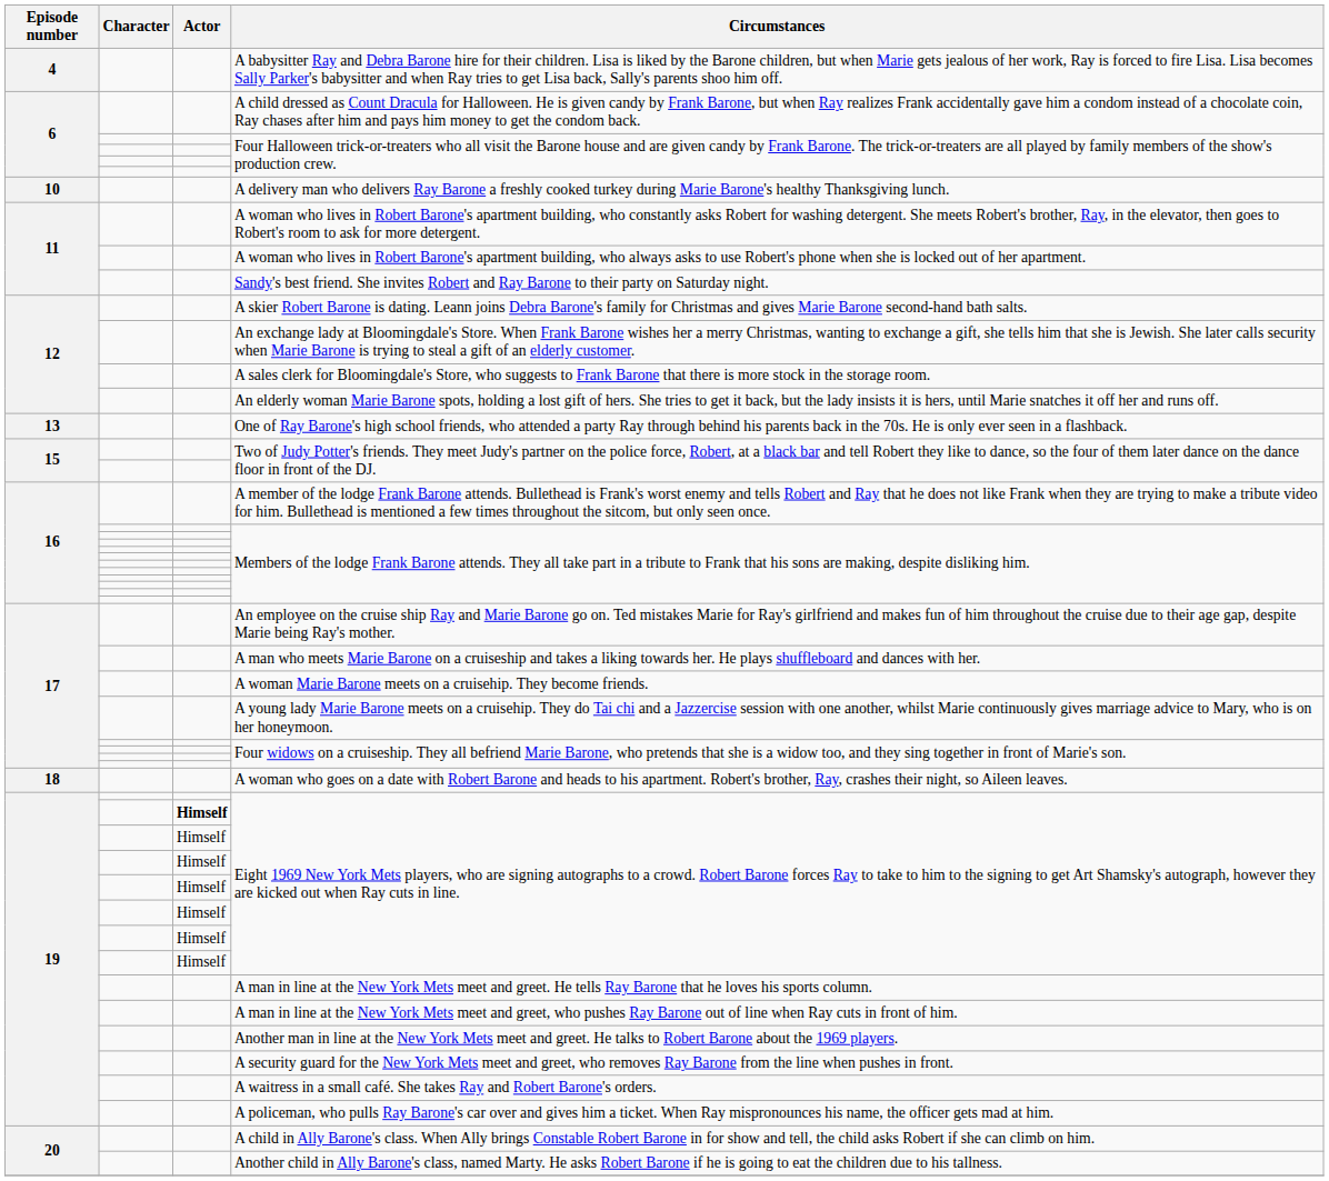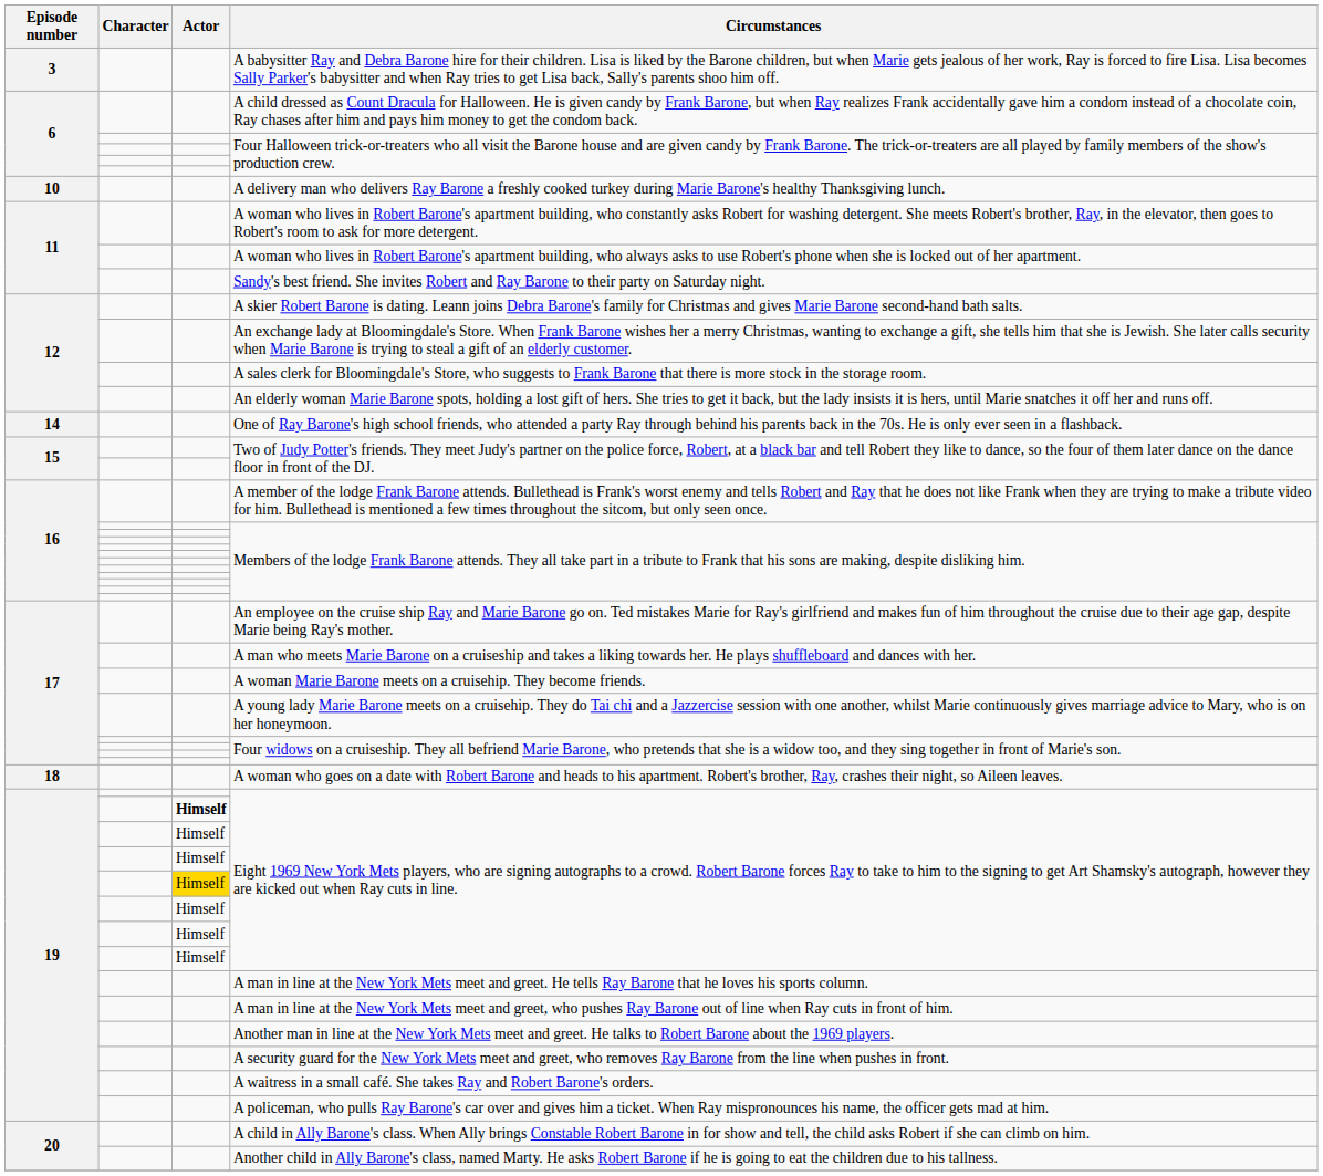 <table class="wikitable plainrowheaders" style="font-size:90%">
 <tr>
 <th scope="col">Episode number</th>
 <th scope="col">Character</th>
 <th scope="col">Actor</th>
 <th scope="col">Circumstances</th>
 </tr>
 <tr>
-<th scope="row">4</th>
+<th scope="row">3</th>
 <td></td>
 <td></td>
 <td>A babysitter <a href='#'>Ray</a> and <a href='#'>Debra Barone</a> hire for their children. Lisa is liked by the Barone children, but when <a href='#'>Marie</a> gets jealous of her work, Ray is forced to fire Lisa. Lisa becomes <a href='#'>Sally Parker</a>'s babysitter and when Ray tries to get Lisa back, Sally's parents shoo him off.</td>
 </tr>
 <tr>
 <th scope="row" rowspan="5">6</th>
 <td></td>
 <td></td>
 <td>A child dressed as <a href='#'>Count Dracula</a> for Halloween. He is given candy by <a href='#'>Frank Barone</a>, but when <a href='#'>Ray</a> realizes Frank accidentally gave him a condom instead of a chocolate coin, Ray chases after him and pays him money to get the condom back.</td>
 </tr>
 <tr>
 <td></td>
 <td></td>
 <td rowspan="4">Four Halloween trick-or-treaters who all visit the Barone house and are given candy by <a href='#'>Frank Barone</a>. The trick-or-treaters are all played by family members of the show's production crew.</td>
 </tr>
 <tr>
 <td></td>
 <td></td>
 </tr>
 <tr>
 <td></td>
 <td></td>
 </tr>
 <tr>
 <td></td>
 <td></td>
 </tr>
 <tr>
 <th scope="row">10</th>
 <td></td>
 <td></td>
 <td>A delivery man who delivers <a href='#'>Ray Barone</a> a freshly cooked turkey during <a href='#'>Marie Barone</a>'s healthy Thanksgiving lunch.</td>
 </tr>
 <tr>
 <th scope="row" rowspan="3">11</th>
 <td></td>
 <td></td>
 <td>A woman who lives in <a href='#'>Robert Barone</a>'s apartment building, who constantly asks Robert for washing detergent. She meets Robert's brother, <a href='#'>Ray</a>, in the elevator, then goes to Robert's room to ask for more detergent.</td>
 </tr>
 <tr>
 <td></td>
 <td></td>
 <td>A woman who lives in <a href='#'>Robert Barone</a>'s apartment building, who always asks to use Robert's phone when she is locked out of her apartment.</td>
 </tr>
 <tr>
 <td></td>
 <td></td>
 <td><a href='#'>Sandy</a>'s best friend. She invites <a href='#'>Robert</a> and <a href='#'>Ray Barone</a> to their party on Saturday night.</td>
 </tr>
 <tr>
 <th scope="row" rowspan="4">12</th>
 <td></td>
 <td></td>
 <td>A skier <a href='#'>Robert Barone</a> is dating. Leann joins <a href='#'>Debra Barone</a>'s family for Christmas and gives <a href='#'>Marie Barone</a> second-hand bath salts.</td>
 </tr>
 <tr>
 <td></td>
 <td></td>
 <td>An exchange lady at Bloomingdale's Store. When <a href='#'>Frank Barone</a> wishes her a merry Christmas, wanting to exchange a gift, she tells him that she is Jewish. She later calls security when <a href='#'>Marie Barone</a> is trying to steal a gift of an <a href='#'>elderly customer</a>.</td>
 </tr>
 <tr>
 <td></td>
 <td></td>
 <td>A sales clerk for Bloomingdale's Store, who suggests to <a href='#'>Frank Barone</a> that there is more stock in the storage room.</td>
 </tr>
 <tr>
 <td></td>
 <td></td>
 <td>An elderly woman <a href='#'>Marie Barone</a> spots, holding a lost gift of hers. She tries to get it back, but the lady insists it is hers, until Marie snatches it off her and runs off.</td>
 </tr>
 <tr>
-<th scope="row">13</th>
+<th scope="row">14</th>
 <td></td>
 <td></td>
 <td>One of <a href='#'>Ray Barone</a>'s high school friends, who attended a party Ray through behind his parents back in the 70s. He is only ever seen in a flashback.</td>
 </tr>
 <tr>
 <th scope="row" rowspan="2">15</th>
 <td></td>
 <td></td>
 <td rowspan="2">Two of <a href='#'>Judy Potter</a>'s friends. They meet Judy's partner on the police force, <a href='#'>Robert</a>, at a <a href='#'>black bar</a> and tell Robert they like to dance, so the four of them later dance on the dance floor in front of the DJ.</td>
 </tr>
 <tr>
 <td></td>
 <td></td>
 </tr>
 <tr>
 <th scope="row" rowspan="12">16</th>
 <td></td>
 <td></td>
 <td>A member of the lodge <a href='#'>Frank Barone</a> attends. Bullethead is Frank's worst enemy and tells <a href='#'>Robert</a> and <a href='#'>Ray</a> that he does not like Frank when they are trying to make a tribute video for him. Bullethead is mentioned a few times throughout the sitcom, but only seen once.</td>
 </tr>
 <tr>
 <td></td>
 <td></td>
 <td rowspan="11">Members of the lodge <a href='#'>Frank Barone</a> attends. They all take part in a tribute to Frank that his sons are making, despite disliking him.</td>
 </tr>
 <tr>
 <td></td>
 <td></td>
 </tr>
 <tr>
 <td></td>
 <td></td>
 </tr>
 <tr>
 <td></td>
 <td></td>
 </tr>
 <tr>
 <td></td>
 <td></td>
 </tr>
 <tr>
 <td></td>
 <td></td>
 </tr>
 <tr>
 <td></td>
 <td></td>
 </tr>
 <tr>
 <td></td>
 <td></td>
 </tr>
 <tr>
 <td></td>
 <td></td>
 </tr>
 <tr>
 <td></td>
 <td></td>
 </tr>
 <tr>
 <td></td>
 <td></td>
 </tr>
 <tr>
 <th scope="row" rowspan="8">17</th>
 <td></td>
 <td></td>
 <td>An employee on the cruise ship <a href='#'>Ray</a> and <a href='#'>Marie Barone</a> go on. Ted mistakes Marie for Ray's girlfriend and makes fun of him throughout the cruise due to their age gap, despite Marie being Ray's mother.</td>
 </tr>
 <tr>
 <td></td>
 <td></td>
 <td>A man who meets <a href='#'>Marie Barone</a> on a cruiseship and takes a liking towards her. He plays <a href='#'>shuffleboard</a> and dances with her.</td>
 </tr>
 <tr>
 <td></td>
 <td></td>
 <td>A woman <a href='#'>Marie Barone</a> meets on a cruisehip. They become friends.</td>
 </tr>
 <tr>
 <td></td>
 <td></td>
 <td>A young lady <a href='#'>Marie Barone</a> meets on a cruisehip. They do <a href='#'>Tai chi</a> and a <a href='#'>Jazzercise</a> session with one another, whilst Marie continuously gives marriage advice to Mary, who is on her honeymoon.</td>
 </tr>
 <tr>
 <td></td>
 <td></td>
 <td rowspan="4">Four <a href='#'>widows</a> on a cruiseship. They all befriend <a href='#'>Marie Barone</a>, who pretends that she is a widow too, and they sing together in front of Marie's son.</td>
 </tr>
 <tr>
 <td></td>
 <td></td>
 </tr>
 <tr>
 <td></td>
 <td></td>
 </tr>
 <tr>
 <td></td>
 <td></td>
 </tr>
 <tr>
 <th scope="row">18</th>
 <td></td>
 <td></td>
 <td>A woman who goes on a date with <a href='#'>Robert Barone</a> and heads to his apartment. Robert's brother, <a href='#'>Ray</a>, crashes their night, so Aileen leaves.</td>
 </tr>
 <tr>
 <th scope="row" rowspan="14">19</th>
 <td></td>
 <td></td>
 <td rowspan="8">Eight <a href='#'>1969 New York Mets</a> players, who are signing autographs to a crowd. <a href='#'>Robert Barone</a> forces <a href='#'>Ray</a> to take to him to the signing to get Art Shamsky's autograph, however they are kicked out when Ray cuts in line.</td>
 </tr>
 <tr>
 <td></td>
 <td {{nowrap><strong>Himself</strong></td>
 </tr>
 <tr>
 <td></td>
 <td {{nowrap>Himself</td>
 </tr>
 <tr>
 <td></td>
 <td {{nowrap>Himself</td>
 </tr>
 <tr>
 <td></td>
-<td {{nowrap>Himself</td>
+<td {{nowrap style="background: gold;">Himself</td>
 </tr>
 <tr>
 <td></td>
 <td {{nowrap>Himself</td>
 </tr>
 <tr>
 <td></td>
 <td {{nowrap>Himself</td>
 </tr>
 <tr>
 <td></td>
 <td {{nowrap>Himself</td>
 </tr>
 <tr>
 <td></td>
 <td></td>
 <td>A man in line at the <a href='#'>New York Mets</a> meet and greet. He tells <a href='#'>Ray Barone</a> that he loves his sports column.</td>
 </tr>
 <tr>
 <td></td>
 <td></td>
 <td>A man in line at the <a href='#'>New York Mets</a> meet and greet, who pushes <a href='#'>Ray Barone</a> out of line when Ray cuts in front of him.</td>
 </tr>
 <tr>
 <td></td>
 <td></td>
 <td>Another man in line at the <a href='#'>New York Mets</a> meet and greet. He talks to <a href='#'>Robert Barone</a> about the <a href='#'>1969 players</a>.</td>
 </tr>
 <tr>
 <td></td>
 <td></td>
 <td>A security guard for the <a href='#'>New York Mets</a> meet and greet, who removes <a href='#'>Ray Barone</a> from the line when pushes in front.</td>
 </tr>
 <tr>
 <td></td>
 <td></td>
 <td>A waitress in a small café. She takes <a href='#'>Ray</a> and <a href='#'>Robert Barone</a>'s orders.</td>
 </tr>
 <tr>
 <td></td>
 <td></td>
 <td>A policeman, who pulls <a href='#'>Ray Barone</a>'s car over and gives him a ticket. When Ray mispronounces his name, the officer gets mad at him.</td>
 </tr>
 <tr>
 <th scope="row" rowspan="2">20</th>
 <td></td>
 <td></td>
 <td>A child in <a href='#'>Ally Barone</a>'s class. When Ally brings <a href='#'>Constable Robert Barone</a> in for show and tell, the child asks Robert if she can climb on him.</td>
 </tr>
 <tr>
 <td></td>
 <td></td>
 <td>Another child in <a href='#'>Ally Barone</a>'s class, named Marty. He asks <a href='#'>Robert Barone</a> if he is going to eat the children due to his tallness.</td>
 </tr>
 <tr>
 </tr>
 </table>
